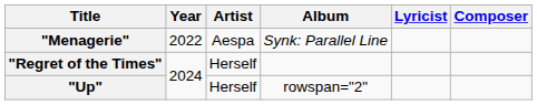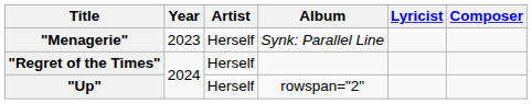 <table class="wikitable plainrowheaders" style="text-align:center">
 <tr>
 <th scope="col">Title</th>
 <th scope="col">Year</th>
 <th scope="col">Artist</th>
 <th scope="col">Album</th>
 <th scope="col"><a href='#'>Lyricist</a></th>
 <th scope="col"><a href='#'>Composer</a></th>
 </tr>
 <tr>
 <th scope="row">"Menagerie"</th>
-<td>2022</td>
-<td>Aespa</td>
+<td>2023</td>
+<td>Herself</td>
 <td><em>Synk: Parallel Line</em></td>
 <td></td>
 <td></td>
 </tr>
 <tr>
 <th scope="row">"Regret of the Times"</th>
 <td rowspan="2">2024</td>
 <td>Herself</td>
 <td></td>
 <td></td>
 </tr>
 <tr>
 <th scope="row">"Up"</th>
 <td>Herself</td>
 <td>rowspan="2" </td>
 <td></td>
 <td></td>
 </tr>
 </table>
